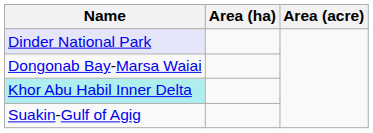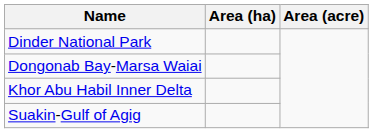 <table class="wikitable sortable">
 <tr>
 <th scope="col" align=left>Name</th>
 <th scope="col">Area (ha)</th>
 <th scope="col">Area (acre)</th>
 </tr>
 <tr ---->
-<td style="background: lavender;"><a href='#'>Dinder National Park</a></td>
+<td><a href='#'>Dinder National Park</a></td>
 <td></td>
 </tr>
 <tr ---->
 <td><a href='#'>Dongonab Bay</a>-<a href='#'>Marsa Waiai</a></td>
 <td></td>
 </tr>
 <tr ---->
-<td style="background: paleturquoise;"><a href='#'>Khor Abu Habil Inner Delta</a></td>
+<td><a href='#'>Khor Abu Habil Inner Delta</a></td>
 <td></td>
 </tr>
 <tr ---->
 <td><a href='#'>Suakin</a>-<a href='#'>Gulf of Agig</a></td>
 <td></td>
 </tr>
 </table>
